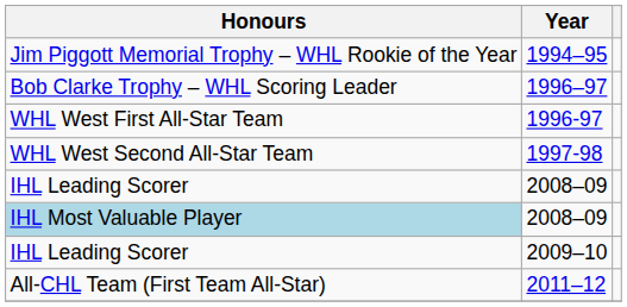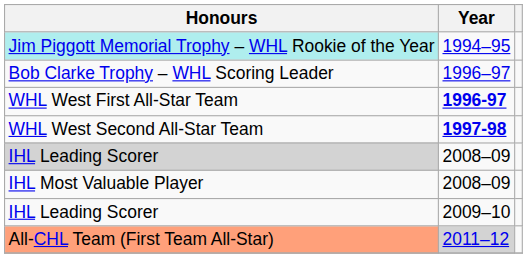 <table class="wikitable">
 <tr>
 <th>Honours</th>
 <th>Year</th>
 <th></th>
 </tr>
 <tr>
-<td><a href='#'>Jim Piggott Memorial Trophy</a> – <a href='#'>WHL</a> Rookie of the Year</td>
+<td style="background: paleturquoise;"><a href='#'>Jim Piggott Memorial Trophy</a> – <a href='#'>WHL</a> Rookie of the Year</td>
 <td><a href='#'>1994–95</a></td>
 <td></td>
 </tr>
 <tr>
 <td><a href='#'>Bob Clarke Trophy</a> – <a href='#'>WHL</a> Scoring Leader</td>
 <td><a href='#'>1996–97</a></td>
 <td></td>
 </tr>
 <tr>
 <td><a href='#'>WHL</a> West First All-Star Team</td>
-<td><a href='#'>1996-97</a></td>
+<td><strong><a href='#'>1996-97</a></strong></td>
 <td></td>
 </tr>
 <tr>
 <td><a href='#'>WHL</a> West Second All-Star Team</td>
-<td><a href='#'>1997-98</a></td>
+<td><strong><a href='#'>1997-98</a></strong></td>
 <td></td>
 </tr>
 <tr>
-<td><a href='#'>IHL</a> Leading Scorer</td>
+<td style="background: lightgrey;"><a href='#'>IHL</a> Leading Scorer</td>
 <td>2008–09</td>
 <td></td>
 </tr>
 <tr>
-<td style="background: lightblue;"><a href='#'>IHL</a> Most Valuable Player</td>
+<td><a href='#'>IHL</a> Most Valuable Player</td>
 <td>2008–09</td>
 <td></td>
 </tr>
 <tr>
 <td><a href='#'>IHL</a> Leading Scorer</td>
 <td>2009–10</td>
 <td></td>
 </tr>
 <tr>
-<td>All-<a href='#'>CHL</a> Team (First Team All-Star)</td>
-<td><a href='#'>2011–12</a></td>
+<td style="background: lightsalmon;">All-<a href='#'>CHL</a> Team (First Team All-Star)</td>
+<td style="background: lightgrey;"><a href='#'>2011–12</a></td>
 <td></td>
 </tr>
 <tr>
 </tr>
 </table>
